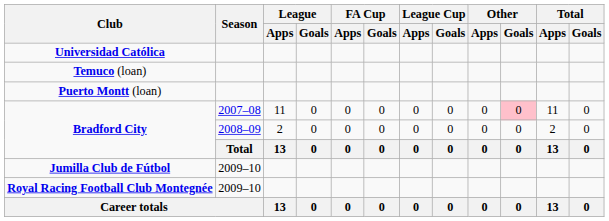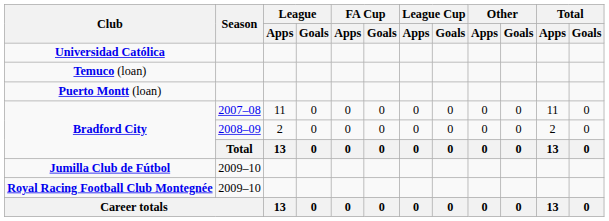 <table class="wikitable" style="text-align: center;">
 <tr>
 <th rowspan="2">Club</th>
 <th rowspan="2">Season</th>
 <th colspan="2">League</th>
 <th colspan="2">FA Cup</th>
 <th colspan="2">League Cup</th>
 <th colspan="2">Other</th>
 <th colspan="2">Total</th>
 </tr>
 <tr>
 <th>Apps</th>
 <th>Goals</th>
 <th>Apps</th>
 <th>Goals</th>
 <th>Apps</th>
 <th>Goals</th>
 <th>Apps</th>
 <th>Goals</th>
 <th>Apps</th>
 <th>Goals</th>
 </tr>
 <tr>
 <td valign="center"><strong><a href='#'>Universidad Católica</a></strong></td>
 <td></td>
 <td></td>
 <td></td>
 <td></td>
 <td></td>
 <td></td>
 <td></td>
 <td></td>
 <td></td>
 <td></td>
 <td></td>
 </tr>
 <tr>
 <td valign="center"><strong><a href='#'>Temuco</a></strong> (loan)</td>
 <td></td>
 <td></td>
 <td></td>
 <td></td>
 <td></td>
 <td></td>
 <td></td>
 <td></td>
 <td></td>
 <td></td>
 <td></td>
 </tr>
 <tr>
 <td valign="center"><strong><a href='#'>Puerto Montt</a></strong> (loan)</td>
 <td></td>
 <td></td>
 <td></td>
 <td></td>
 <td></td>
 <td></td>
 <td></td>
 <td></td>
 <td></td>
 <td></td>
 <td></td>
 </tr>
 <tr>
 <td rowspan="3" valign="center"><strong><a href='#'>Bradford City</a></strong></td>
 <td><a href='#'>2007–08</a></td>
 <td>11</td>
 <td>0</td>
 <td>0</td>
 <td>0</td>
 <td>0</td>
 <td>0</td>
 <td>0</td>
-<td style="background: pink;">0</td>
+<td>0</td>
 <td>11</td>
 <td>0</td>
 </tr>
 <tr>
 <td><a href='#'>2008–09</a></td>
 <td>2</td>
 <td>0</td>
 <td>0</td>
 <td>0</td>
 <td>0</td>
 <td>0</td>
 <td>0</td>
 <td>0</td>
 <td>2</td>
 <td>0</td>
 </tr>
 <tr>
 <th>Total</th>
 <th>13</th>
 <th>0</th>
 <th>0</th>
 <th>0</th>
 <th>0</th>
 <th>0</th>
 <th>0</th>
 <th>0</th>
 <th>13</th>
 <th>0</th>
 </tr>
 <tr>
 <td><strong><a href='#'>Jumilla Club de Fútbol</a></strong></td>
 <td>2009–10</td>
 <td></td>
 <td></td>
 <td></td>
 <td></td>
 <td></td>
 <td></td>
 <td></td>
 <td></td>
 <td></td>
 <td></td>
 </tr>
 <tr>
 <td><strong><a href='#'>Royal Racing Football Club Montegnée</a></strong></td>
 <td>2009–10</td>
 <td></td>
 <td></td>
 <td></td>
 <td></td>
 <td></td>
 <td></td>
 <td></td>
 <td></td>
 <td></td>
 <td></td>
 </tr>
 <tr>
 <th colspan="2">Career totals</th>
 <th>13</th>
 <th>0</th>
 <th>0</th>
 <th>0</th>
 <th>0</th>
 <th>0</th>
 <th>0</th>
 <th>0</th>
 <th>13</th>
 <th>0</th>
 </tr>
 </table>
